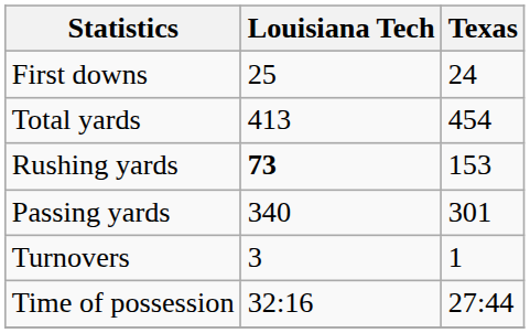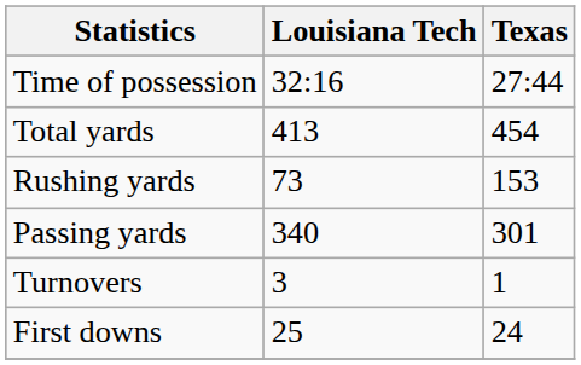 <table class="wikitable" style="float: left;">
 <tr>
 <th>Statistics</th>
 <th>Louisiana Tech</th>
 <th>Texas</th>
 </tr>
 <tr>
-<td>First downs</td>
-<td>25</td>
-<td>24</td>
+<td>Time of possession</td>
+<td>32:16</td>
+<td>27:44</td>
 </tr>
 <tr>
 <td>Total yards</td>
 <td>413</td>
 <td>454</td>
 </tr>
 <tr>
 <td>Rushing yards</td>
-<td><strong>73</strong></td>
+<td>73</td>
 <td>153</td>
 </tr>
 <tr>
 <td>Passing yards</td>
 <td>340</td>
 <td>301</td>
 </tr>
 <tr>
 <td>Turnovers</td>
 <td>3</td>
 <td>1</td>
 </tr>
 <tr>
-<td>Time of possession</td>
-<td>32:16</td>
-<td>27:44</td>
+<td>First downs</td>
+<td>25</td>
+<td>24</td>
 </tr>
 <tr>
 </tr>
 </table>
